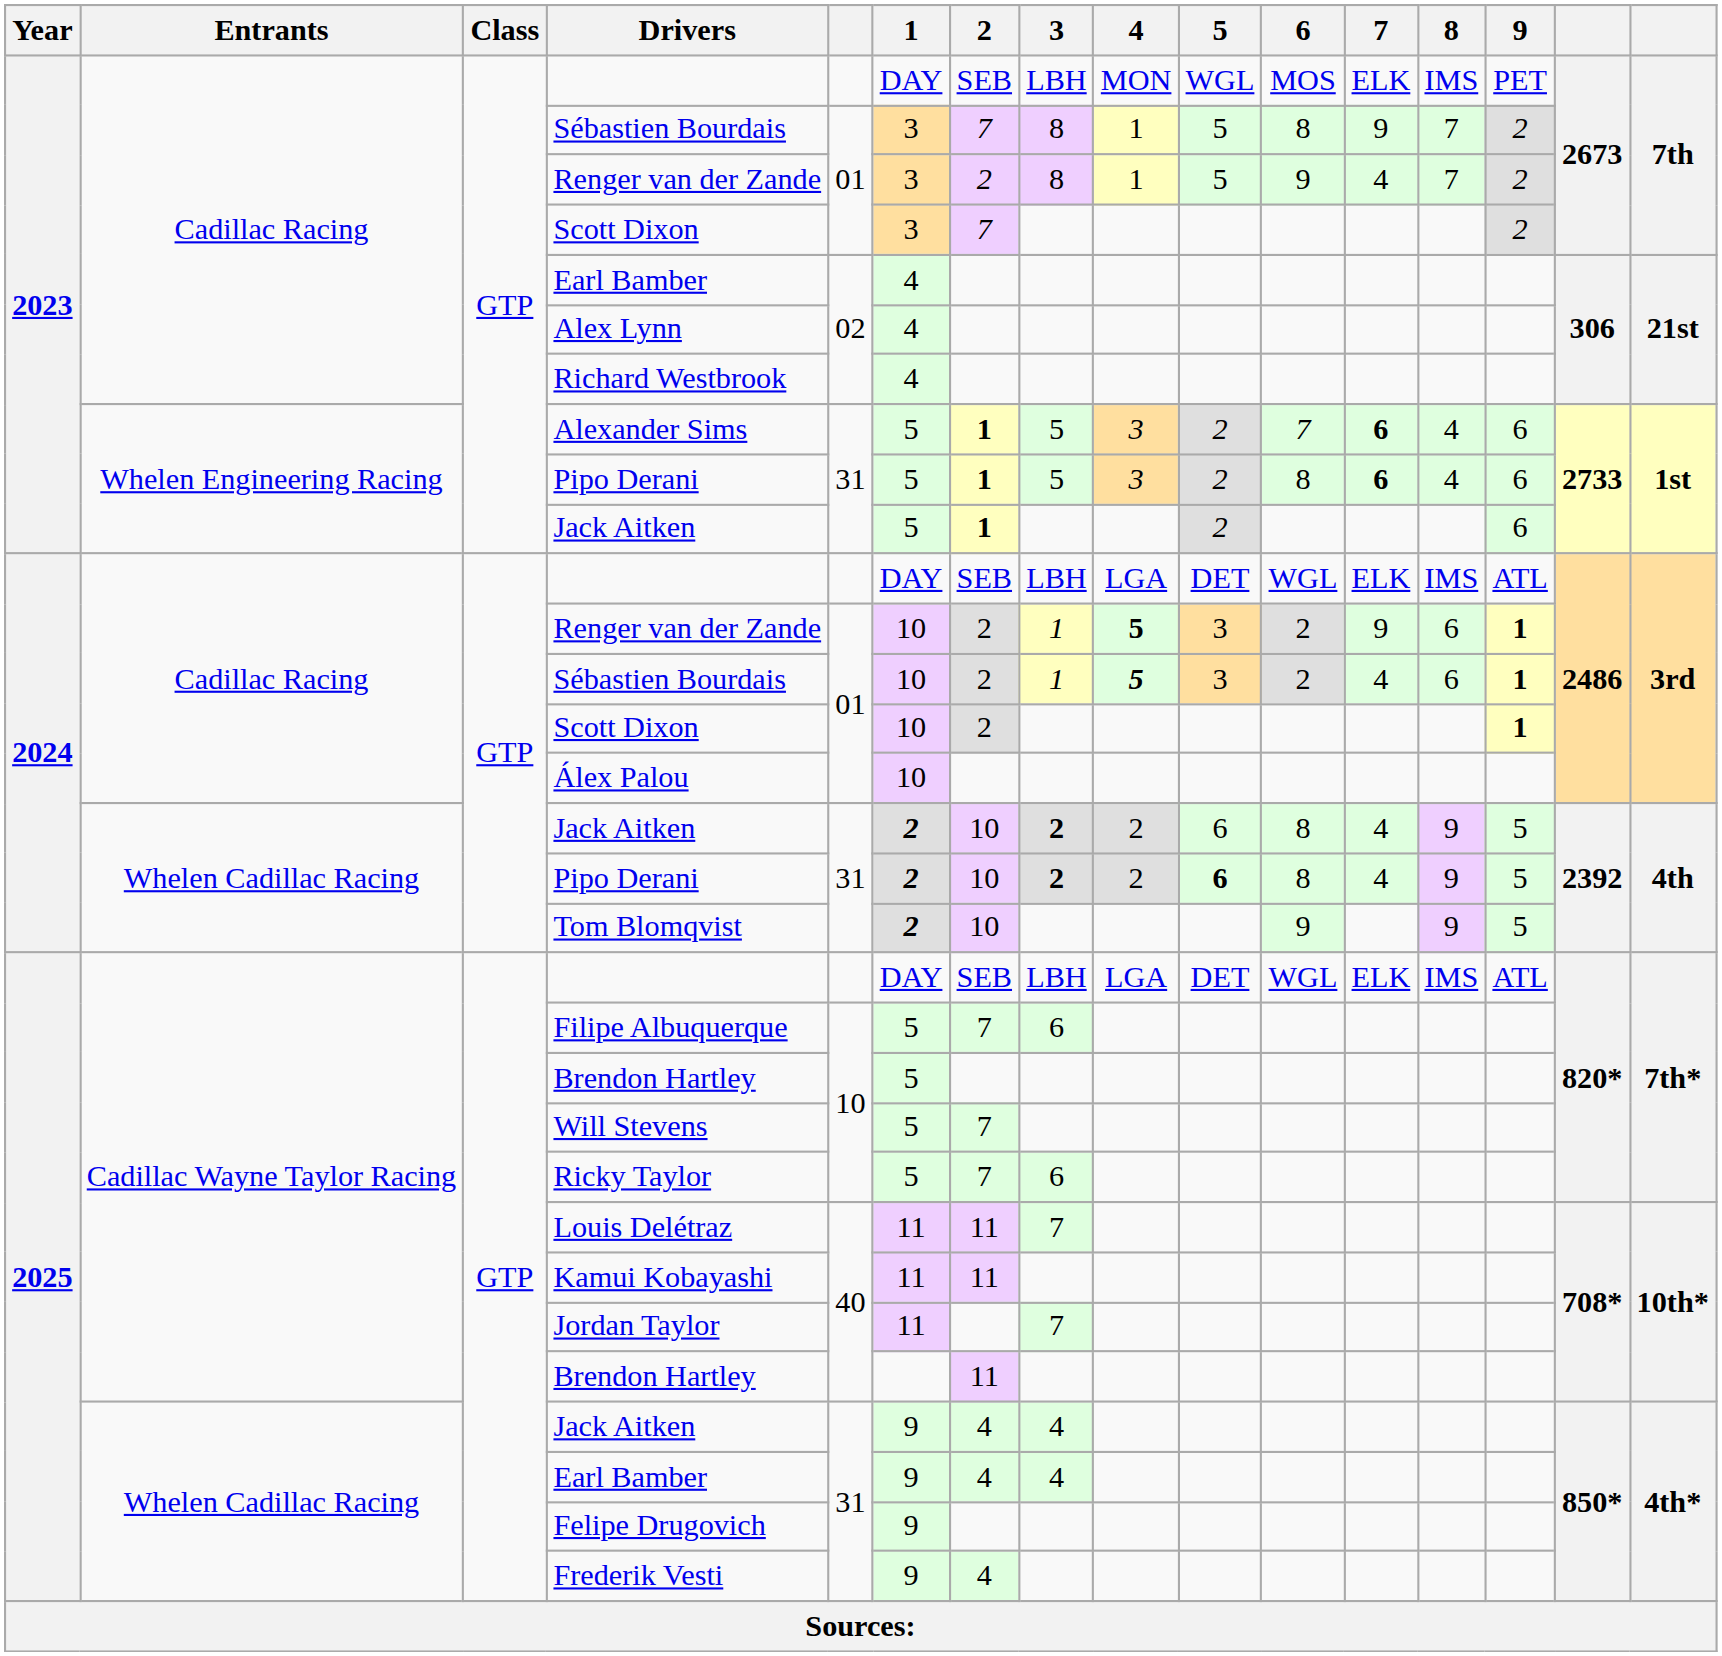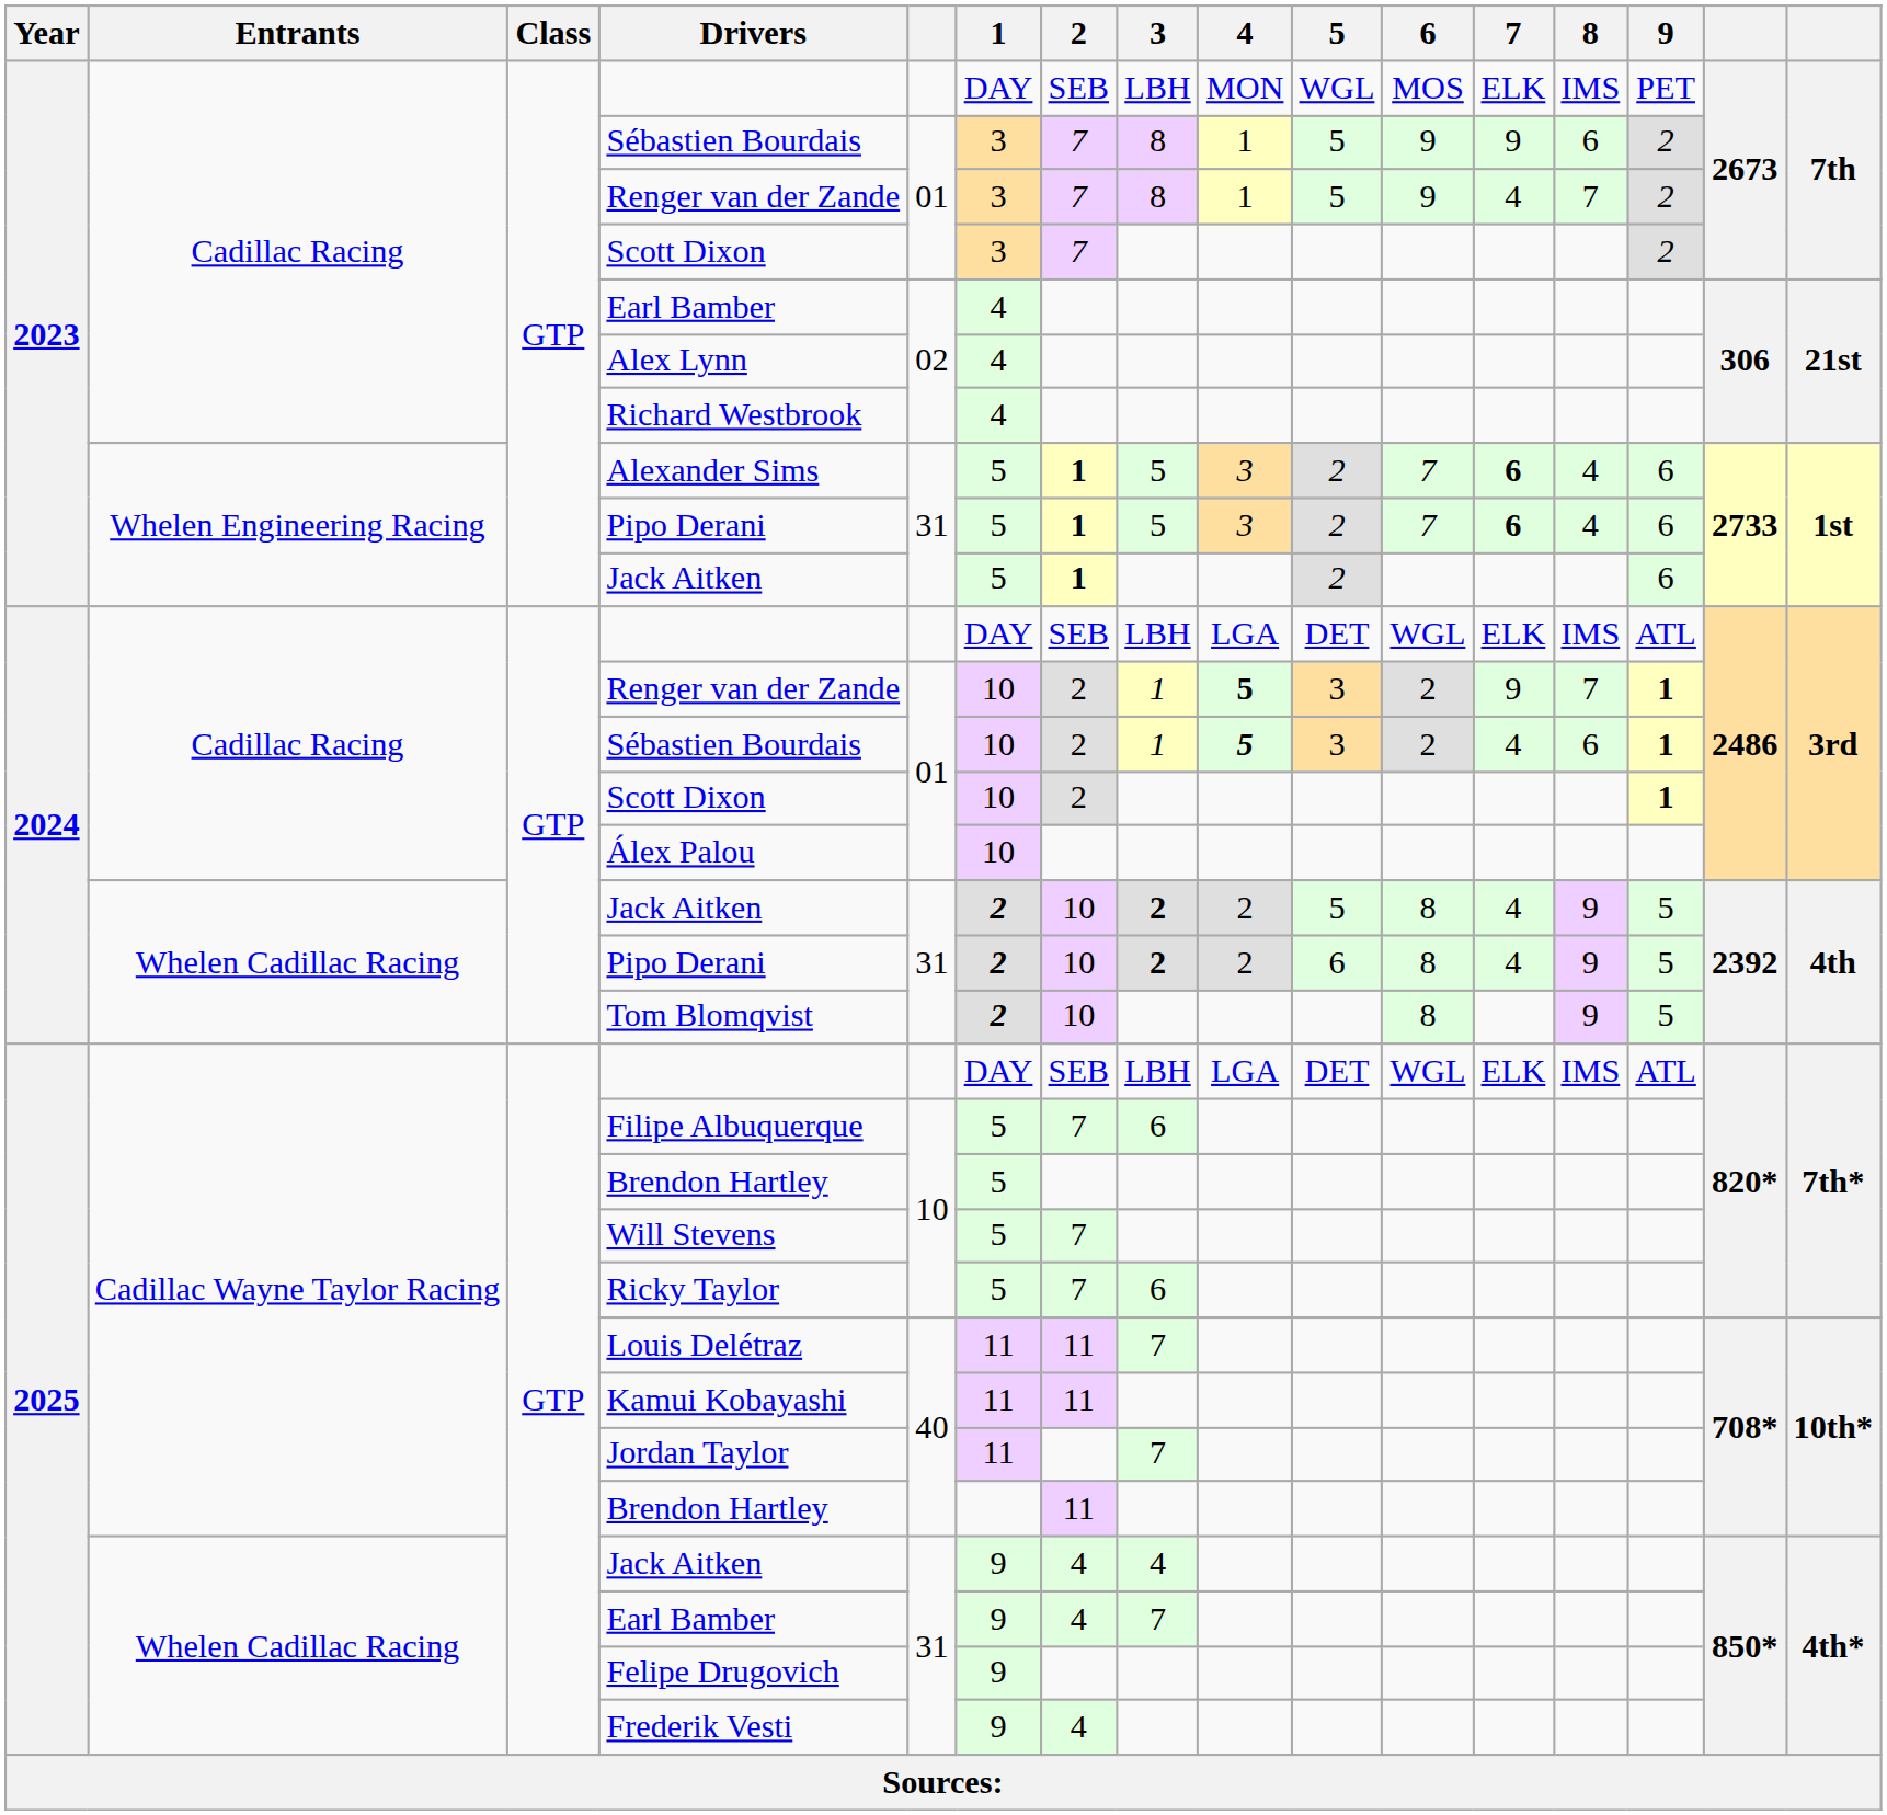 <table class="wikitable" style="text-align:center; font-size:90%">
 <tr>
 <th>Year</th>
 <th>Entrants</th>
 <th>Class</th>
 <th>Drivers</th>
 <th></th>
 <th>1</th>
 <th>2</th>
 <th>3</th>
 <th>4</th>
 <th>5</th>
 <th>6</th>
 <th>7</th>
 <th>8</th>
 <th>9</th>
 <th></th>
 <th></th>
 </tr>
 <tr>
 <th rowspan="10"><a href='#'>2023</a></th>
 <td rowspan="7"><a href='#'>Cadillac Racing</a></td>
 <td rowspan="10"><a href='#'>GTP</a></td>
 <td></td>
 <td></td>
 <td><a href='#'>DAY</a></td>
 <td><a href='#'>SEB</a></td>
 <td><a href='#'>LBH</a></td>
 <td><a href='#'>MON</a></td>
 <td><a href='#'>WGL</a></td>
 <td><a href='#'>MOS</a></td>
 <td><a href='#'>ELK</a></td>
 <td><a href='#'>IMS</a></td>
 <td><a href='#'>PET</a></td>
 <th rowspan="4">2673</th>
 <th rowspan="4">7th</th>
 </tr>
 <tr>
 <td align="left"> <a href='#'>Sébastien Bourdais</a></td>
 <td rowspan="3">01</td>
 <td style="background:#FFDF9F;">3</td>
 <td style="background:#EFCFFF;"><em>7</em></td>
 <td style="background:#EFCFFF;">8</td>
 <td style="background:#FFFFBF;”">1</td>
 <td style="background:#DFFFDF;">5</td>
-<td style="background:#DFFFDF;">8</td>
 <td style="background:#DFFFDF;">9</td>
-<td style="background:#DFFFDF;">7</td>
+<td style="background:#DFFFDF;">9</td>
+<td style="background:#DFFFDF;">6</td>
 <td style="background:#DFDFDF;"><em>2</em></td>
 </tr>
 <tr>
 <td align="left"> <a href='#'>Renger van der Zande</a></td>
 <td style="background:#FFDF9F;">3</td>
-<td style="background:#EFCFFF;"><em>2</em></td>
+<td style="background:#EFCFFF;"><em>7</em></td>
 <td style="background:#EFCFFF;">8</td>
 <td style="background:#FFFFBF;”">1</td>
 <td style="background:#DFFFDF;">5</td>
 <td style="background:#DFFFDF;">9</td>
 <td style="background:#DFFFDF;">4</td>
 <td style="background:#DFFFDF;">7</td>
 <td style="background:#DFDFDF;"><em>2</em></td>
 </tr>
 <tr>
 <td align="left"> <a href='#'>Scott Dixon</a></td>
 <td style="background:#FFDF9F;">3</td>
 <td style="background:#EFCFFF;"><em>7</em></td>
 <td></td>
 <td></td>
 <td></td>
 <td></td>
 <td></td>
 <td></td>
 <td style="background:#DFDFDF;"><em>2</em></td>
 </tr>
 <tr>
 <td align="left"> <a href='#'>Earl Bamber</a></td>
 <td rowspan="3">02</td>
 <td style="background:#DFFFDF;">4</td>
 <td></td>
 <td></td>
 <td></td>
 <td></td>
 <td></td>
 <td></td>
 <td></td>
 <td></td>
 <th rowspan="3">306</th>
 <th rowspan="3">21st</th>
 </tr>
 <tr>
 <td align="left"> <a href='#'>Alex Lynn</a></td>
 <td style="background:#DFFFDF;">4</td>
 <td></td>
 <td></td>
 <td></td>
 <td></td>
 <td></td>
 <td></td>
 <td></td>
 <td></td>
 </tr>
 <tr>
 <td align="left"> <a href='#'>Richard Westbrook</a></td>
 <td style="background:#DFFFDF;">4</td>
 <td></td>
 <td></td>
 <td></td>
 <td></td>
 <td></td>
 <td></td>
 <td></td>
 <td></td>
 </tr>
 <tr>
 <td rowspan="3"><a href='#'>Whelen Engineering Racing</a></td>
 <td align="left"> <a href='#'>Alexander Sims</a></td>
 <td rowspan="3">31</td>
 <td style="background:#DFFFDF;">5</td>
 <td style="background:#FFFFBF;”"><strong>1</strong></td>
 <td style="background:#DFFFDF;">5</td>
 <td style="background:#FFDF9F;"><em>3</em></td>
 <td style="background:#DFDFDF;"><em>2</em></td>
 <td style="background:#DFFFDF;"><em>7</em></td>
 <td style="background:#DFFFDF;"><strong>6</strong></td>
 <td style="background:#DFFFDF;">4</td>
 <td style="background:#DFFFDF;">6</td>
 <th rowspan="3" style="background:#FFFFBF;”">2733</th>
 <th rowspan="3" style="background:#FFFFBF;”">1st</th>
 </tr>
 <tr>
 <td align="left"> <a href='#'>Pipo Derani</a></td>
 <td style="background:#DFFFDF;">5</td>
 <td style="background:#FFFFBF;”"><strong>1</strong></td>
 <td style="background:#DFFFDF;">5</td>
 <td style="background:#FFDF9F;"><em>3</em></td>
 <td style="background:#DFDFDF;"><em>2</em></td>
-<td style="background:#DFFFDF;">8</td>
+<td style="background:#DFFFDF;"><em>7</em></td>
 <td style="background:#DFFFDF;"><strong>6</strong></td>
 <td style="background:#DFFFDF;">4</td>
 <td style="background:#DFFFDF;">6</td>
 </tr>
 <tr>
 <td align="left"> <a href='#'>Jack Aitken</a></td>
 <td style="background:#DFFFDF;">5</td>
 <td style="background:#FFFFBF;”"><strong>1</strong></td>
 <td></td>
 <td></td>
 <td style="background:#DFDFDF;"><em>2</em></td>
 <td></td>
 <td></td>
 <td></td>
 <td style="background:#DFFFDF;">6</td>
 </tr>
 <tr>
 <th rowspan="8"><a href='#'>2024</a></th>
 <td rowspan="5"><a href='#'>Cadillac Racing</a></td>
 <td rowspan="8"><a href='#'>GTP</a></td>
 <td></td>
 <td></td>
 <td><a href='#'>DAY</a></td>
 <td><a href='#'>SEB</a></td>
 <td><a href='#'>LBH</a></td>
 <td><a href='#'>LGA</a></td>
 <td><a href='#'>DET</a></td>
 <td><a href='#'>WGL</a></td>
 <td><a href='#'>ELK</a></td>
 <td><a href='#'>IMS</a></td>
 <td><a href='#'>ATL</a></td>
 <th rowspan="5" style="background:#FFDF9F;">2486</th>
 <th rowspan="5" style="background:#FFDF9F;">3rd</th>
 </tr>
 <tr>
 <td align="left"> <a href='#'>Renger van der Zande</a></td>
 <td rowspan="4">01</td>
 <td style="background:#EFCFFF;">10</td>
 <td style="background:#DFDFDF;">2</td>
 <td style="background:#FFFFBF;”"><em>1</em></td>
 <td style="background:#DFFFDF;"><strong>5</strong></td>
 <td style="background:#FFDF9F;">3</td>
 <td style="background:#DFDFDF;">2</td>
 <td style="background:#DFFFDF;">9</td>
-<td style="background:#DFFFDF;">6</td>
+<td style="background:#DFFFDF;">7</td>
 <td style="background:#FFFFBF;”"><strong>1</strong></td>
 </tr>
 <tr>
 <td align="left"> <a href='#'>Sébastien Bourdais</a></td>
 <td style="background:#EFCFFF;">10</td>
 <td style="background:#DFDFDF;">2</td>
 <td style="background:#FFFFBF;”"><em>1</em></td>
 <td style="background:#DFFFDF;"><strong><em>5</em></strong></td>
 <td style="background:#FFDF9F;">3</td>
 <td style="background:#DFDFDF;">2</td>
 <td style="background:#DFFFDF;">4</td>
 <td style="background:#DFFFDF;">6</td>
 <td style="background:#FFFFBF;”"><strong>1</strong></td>
 </tr>
 <tr>
 <td align="left"> <a href='#'>Scott Dixon</a></td>
 <td style="background:#EFCFFF;">10</td>
 <td style="background:#DFDFDF;">2</td>
 <td></td>
 <td></td>
 <td></td>
 <td></td>
 <td></td>
 <td></td>
 <td style="background:#FFFFBF;”"><strong>1</strong></td>
 </tr>
 <tr>
 <td align="left"> <a href='#'>Álex Palou</a></td>
 <td style="background:#EFCFFF;">10</td>
 <td></td>
 <td></td>
 <td></td>
 <td></td>
 <td></td>
 <td></td>
 <td></td>
 <td></td>
 </tr>
 <tr>
 <td rowspan="3"><a href='#'>Whelen Cadillac Racing</a></td>
 <td align="left"> <a href='#'>Jack Aitken</a></td>
 <td rowspan="3">31</td>
 <td style="background:#DFDFDF;"><strong><em>2</em></strong></td>
 <td style="background:#EFCFFF;">10</td>
 <td style="background:#DFDFDF;"><strong>2</strong></td>
 <td style="background:#DFDFDF;">2</td>
-<td style="background:#DFFFDF;">6</td>
+<td style="background:#DFFFDF;">5</td>
 <td style="background:#DFFFDF;">8</td>
 <td style="background:#DFFFDF;">4</td>
 <td style="background:#EFCFFF;">9</td>
 <td style="background:#DFFFDF;">5</td>
 <th rowspan="3">2392</th>
 <th rowspan="3">4th</th>
 </tr>
 <tr>
 <td align="left"> <a href='#'>Pipo Derani</a></td>
 <td style="background:#DFDFDF;"><strong><em>2</em></strong></td>
 <td style="background:#EFCFFF;">10</td>
 <td style="background:#DFDFDF;"><strong>2</strong></td>
 <td style="background:#DFDFDF;">2</td>
-<td style="background:#DFFFDF;"><strong>6</strong></td>
+<td style="background:#DFFFDF;">6</td>
 <td style="background:#DFFFDF;">8</td>
 <td style="background:#DFFFDF;">4</td>
 <td style="background:#EFCFFF;">9</td>
 <td style="background:#DFFFDF;">5</td>
 </tr>
 <tr>
 <td align="left"> <a href='#'>Tom Blomqvist</a></td>
 <td style="background:#DFDFDF;"><strong><em>2</em></strong></td>
 <td style="background:#EFCFFF;">10</td>
 <td></td>
 <td></td>
 <td></td>
-<td style="background:#DFFFDF;">9</td>
+<td style="background:#DFFFDF;">8</td>
 <td></td>
 <td style="background:#EFCFFF;">9</td>
 <td style="background:#DFFFDF;">5</td>
 </tr>
 <tr>
 <th rowspan="13"><a href='#'>2025</a></th>
 <td rowspan="9"><a href='#'>Cadillac Wayne Taylor Racing</a></td>
 <td rowspan="13"><a href='#'>GTP</a></td>
 <td></td>
 <td></td>
 <td><a href='#'>DAY</a></td>
 <td><a href='#'>SEB</a></td>
 <td><a href='#'>LBH</a></td>
 <td><a href='#'>LGA</a></td>
 <td><a href='#'>DET</a></td>
 <td><a href='#'>WGL</a></td>
 <td><a href='#'>ELK</a></td>
 <td><a href='#'>IMS</a></td>
 <td><a href='#'>ATL</a></td>
 <th rowspan="5">820*</th>
 <th rowspan="5">7th*</th>
 </tr>
 <tr>
 <td align="left"> <a href='#'>Filipe Albuquerque</a></td>
 <td rowspan="4">10</td>
 <td style="background:#DFFFDF;">5</td>
 <td style="background:#DFFFDF;">7</td>
 <td style="background:#DFFFDF;">6</td>
 <td></td>
 <td></td>
 <td></td>
 <td></td>
 <td></td>
 <td></td>
 </tr>
 <tr>
 <td align="left"> <a href='#'>Brendon Hartley</a></td>
 <td style="background:#DFFFDF;">5</td>
 <td></td>
 <td></td>
 <td></td>
 <td></td>
 <td></td>
 <td></td>
 <td></td>
 <td></td>
 </tr>
 <tr>
 <td align="left"> <a href='#'>Will Stevens</a></td>
 <td style="background:#DFFFDF;">5</td>
 <td style="background:#DFFFDF;">7</td>
 <td></td>
 <td></td>
 <td></td>
 <td></td>
 <td></td>
 <td></td>
 <td></td>
 </tr>
 <tr>
 <td align="left"> <a href='#'>Ricky Taylor</a></td>
 <td style="background:#DFFFDF;">5</td>
 <td style="background:#DFFFDF;">7</td>
 <td style="background:#DFFFDF;">6</td>
 <td></td>
 <td></td>
 <td></td>
 <td></td>
 <td></td>
 <td></td>
 </tr>
 <tr>
 <td align="left"> <a href='#'>Louis Delétraz</a></td>
 <td rowspan="4">40</td>
 <td style="background:#EFCFFF;">11</td>
 <td style="background:#EFCFFF;">11</td>
 <td style="background:#DFFFDF;">7</td>
 <td></td>
 <td></td>
 <td></td>
 <td></td>
 <td></td>
 <td></td>
 <th rowspan="4">708*</th>
 <th rowspan="4">10th*</th>
 </tr>
 <tr>
 <td align="left"> <a href='#'>Kamui Kobayashi</a></td>
 <td style="background:#EFCFFF;">11</td>
 <td style="background:#EFCFFF;">11</td>
 <td></td>
 <td></td>
 <td></td>
 <td></td>
 <td></td>
 <td></td>
 <td></td>
 </tr>
 <tr>
 <td align="left"> <a href='#'>Jordan Taylor</a></td>
 <td style="background:#EFCFFF;">11</td>
 <td></td>
 <td style="background:#DFFFDF;">7</td>
 <td></td>
 <td></td>
 <td></td>
 <td></td>
 <td></td>
 <td></td>
 </tr>
 <tr>
 <td align="left"> <a href='#'>Brendon Hartley</a></td>
 <td></td>
 <td style="background:#EFCFFF;">11</td>
 <td></td>
 <td></td>
 <td></td>
 <td></td>
 <td></td>
 <td></td>
 <td></td>
 </tr>
 <tr>
 <td rowspan="4"><a href='#'>Whelen Cadillac Racing</a></td>
 <td align="left"> <a href='#'>Jack Aitken</a></td>
 <td rowspan="4">31</td>
 <td style="background:#DFFFDF;">9</td>
 <td style="background:#DFFFDF;">4</td>
 <td style="background:#DFFFDF;">4</td>
 <td></td>
 <td></td>
 <td></td>
 <td></td>
 <td></td>
 <td></td>
 <th rowspan="4">850*</th>
 <th rowspan="4">4th*</th>
 </tr>
 <tr>
 <td align="left"> <a href='#'>Earl Bamber</a></td>
 <td style="background:#DFFFDF;">9</td>
 <td style="background:#DFFFDF;">4</td>
-<td style="background:#DFFFDF;">4</td>
+<td style="background:#DFFFDF;">7</td>
 <td></td>
 <td></td>
 <td></td>
 <td></td>
 <td></td>
 <td></td>
 </tr>
 <tr>
 <td align="left"> <a href='#'>Felipe Drugovich</a></td>
 <td style="background:#DFFFDF;">9</td>
 <td></td>
 <td></td>
 <td></td>
 <td></td>
 <td></td>
 <td></td>
 <td></td>
 <td></td>
 </tr>
 <tr>
 <td align="left"> <a href='#'>Frederik Vesti</a></td>
 <td style="background:#DFFFDF;">9</td>
 <td style="background:#DFFFDF;">4</td>
 <td></td>
 <td></td>
 <td></td>
 <td></td>
 <td></td>
 <td></td>
 <td></td>
 </tr>
 <tr>
 <th colspan="16">Sources:</th>
 </tr>
 </table>
